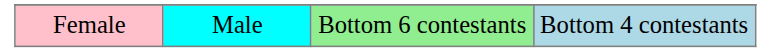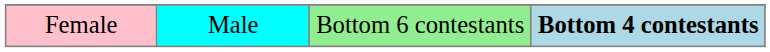 <table border="2" cellpadding="4" style="margin:1em auto; border: 1px solid gray; border-collapse: collapse; text-align:center;">
 <tr>
 </tr>
 <tr>
 <td style="background:pink; width:20%;">Female</td>
 <td style="background:cyan; width:20%;">Male</td>
 <td style="background:lightgreen;">Bottom 6 contestants </td>
-<td style="background:Lightblue;">Bottom 4 contestants </td>
+<td style="background:Lightblue;"><strong>Bottom 4 contestants </strong></td>
 </tr>
 </table>
